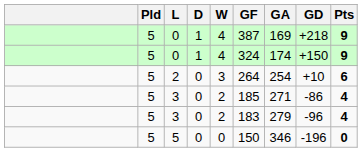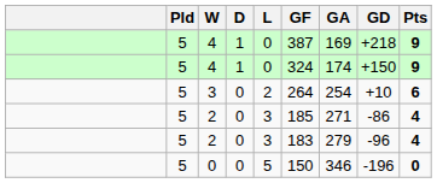 <table class="wikitable" style="text-align:center;font-size:95%">
 <tr>
 <th width=150></th>
 <th width=20>Pld</th>
+<th width=20>W</th>
+<th width=20>D</th>
 <th width=20>L</th>
-<th width=20>D</th>
-<th width=20>W</th>
 <th width=30>GF</th>
 <th width=30>GA</th>
 <th width=30>GD</th>
 <th width=20>Pts</th>
 </tr>
 <tr style="background-color:#ccffcc">
 <td style="text-align:left;"></td>
 <td>5</td>
+<td>4</td>
+<td>1</td>
 <td>0</td>
-<td>1</td>
-<td>4</td>
 <td>387</td>
 <td>169</td>
 <td>+218</td>
 <td><strong>9</strong></td>
 </tr>
 <tr style="background-color:#ccffcc">
 <td style="text-align:left;"></td>
 <td>5</td>
+<td>4</td>
+<td>1</td>
 <td>0</td>
-<td>1</td>
-<td>4</td>
 <td>324</td>
 <td>174</td>
 <td>+150</td>
 <td><strong>9</strong></td>
 </tr>
 <tr>
 <td style="text-align:left;"></td>
 <td>5</td>
+<td>3</td>
+<td>0</td>
 <td>2</td>
-<td>0</td>
-<td>3</td>
 <td>264</td>
 <td>254</td>
 <td>+10</td>
 <td><strong>6</strong></td>
 </tr>
 <tr>
 <td style="text-align:left;"></td>
 <td>5</td>
+<td>2</td>
+<td>0</td>
 <td>3</td>
-<td>0</td>
-<td>2</td>
 <td>185</td>
 <td>271</td>
 <td>-86</td>
 <td><strong>4</strong></td>
 </tr>
 <tr>
 <td style="text-align:left;"></td>
 <td>5</td>
+<td>2</td>
+<td>0</td>
 <td>3</td>
-<td>0</td>
-<td>2</td>
 <td>183</td>
 <td>279</td>
 <td>-96</td>
 <td><strong>4</strong></td>
 </tr>
 <tr>
 <td style="text-align:left;"></td>
 <td>5</td>
-<td>5</td>
 <td>0</td>
 <td>0</td>
+<td>5</td>
 <td>150</td>
 <td>346</td>
 <td>-196</td>
 <td><strong>0</strong></td>
 </tr>
 </table>
